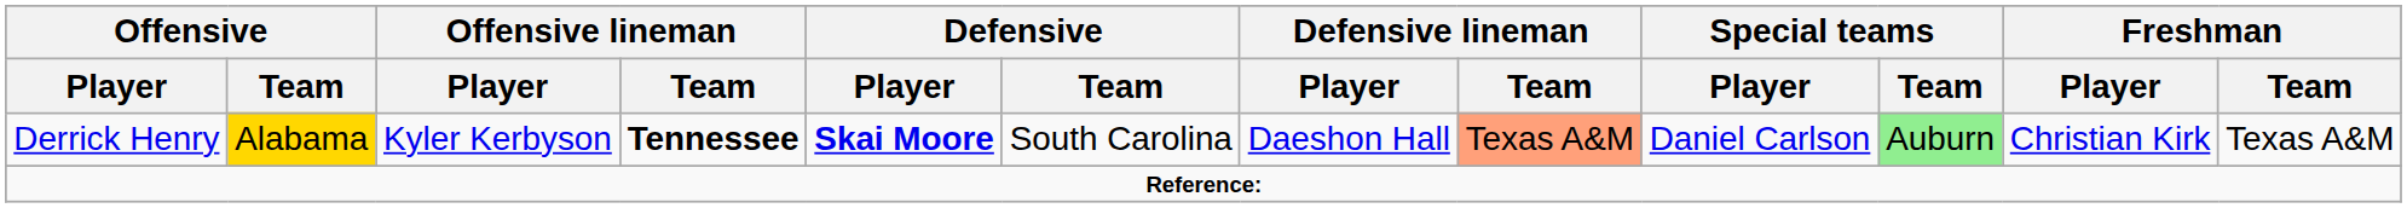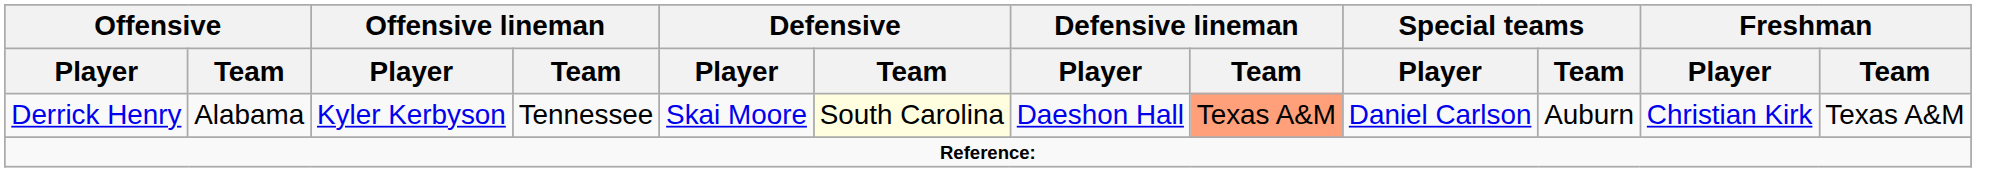 <table class="wikitable">
 <tr>
 <th colspan="2">Offensive</th>
 <th colspan="2">Offensive lineman</th>
 <th colspan="2">Defensive</th>
 <th colspan="2">Defensive lineman</th>
 <th colspan="2">Special teams</th>
 <th colspan="2">Freshman</th>
 </tr>
 <tr>
 <th>Player</th>
 <th>Team</th>
 <th>Player</th>
 <th>Team</th>
 <th>Player</th>
 <th>Team</th>
 <th>Player</th>
 <th>Team</th>
 <th>Player</th>
 <th>Team</th>
 <th>Player</th>
 <th>Team</th>
 </tr>
 <tr>
 <td><a href='#'>Derrick Henry</a></td>
-<td style="background: gold;">Alabama</td>
+<td>Alabama</td>
 <td><a href='#'>Kyler Kerbyson</a></td>
-<td><strong>Tennessee</strong></td>
-<td><strong><a href='#'>Skai Moore</a></strong></td>
-<td>South Carolina</td>
+<td>Tennessee</td>
+<td><a href='#'>Skai Moore</a></td>
+<td style="background: lightyellow;">South Carolina</td>
 <td><a href='#'>Daeshon Hall</a></td>
 <td style="background: lightsalmon;">Texas A&M</td>
 <td><a href='#'>Daniel Carlson</a></td>
-<td style="background: lightgreen;">Auburn</td>
+<td>Auburn</td>
 <td><a href='#'>Christian Kirk</a></td>
 <td>Texas A&M</td>
 </tr>
 <tr>
 <td colspan="12"  style="font-size:8pt; text-align:center;"><strong>Reference:</strong></td>
 </tr>
 </table>
